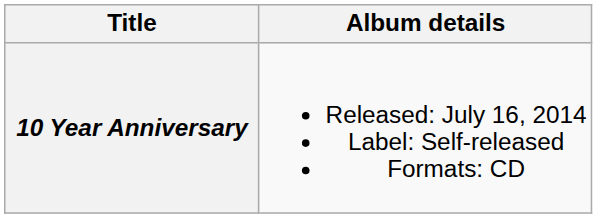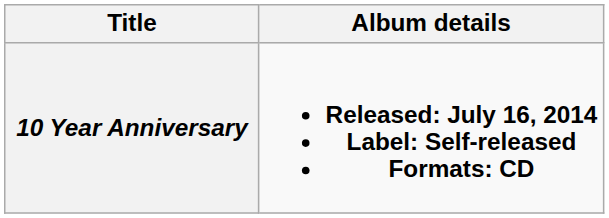 <table class="wikitable plainrowheaders" style="text-align:center;">
 <tr>
 <th scope="col" style="width:10em;">Title</th>
 <th scope="col">Album details</th>
 </tr>
 <tr>
 <th scope="row"><em>10 Year Anniversary</em></th>
-<td><br><ul><li>Released: July 16, 2014 </li><li>Label: Self-released</li><li>Formats: CD</li></ul></td>
+<td><strong><br><ul><li>Released: July 16, 2014 </li><li>Label: Self-released</li><li>Formats: CD</li></ul></strong></td>
 </tr>
 </table>
